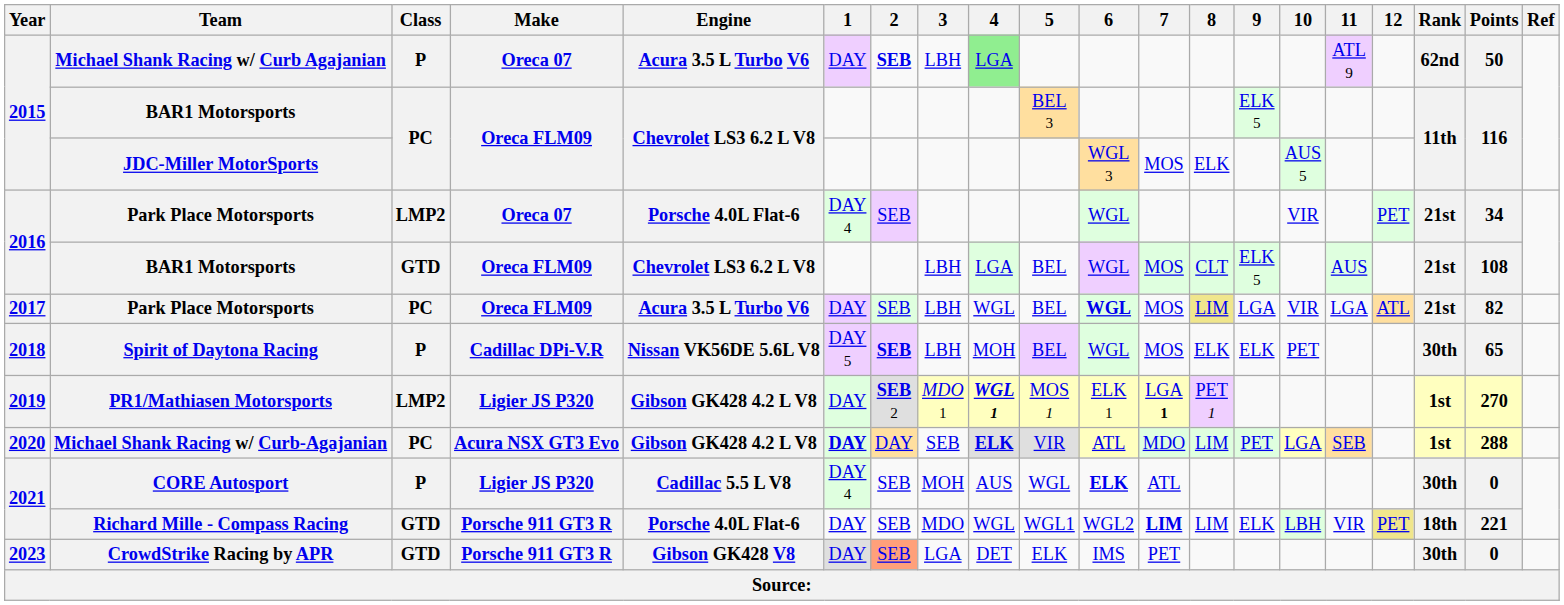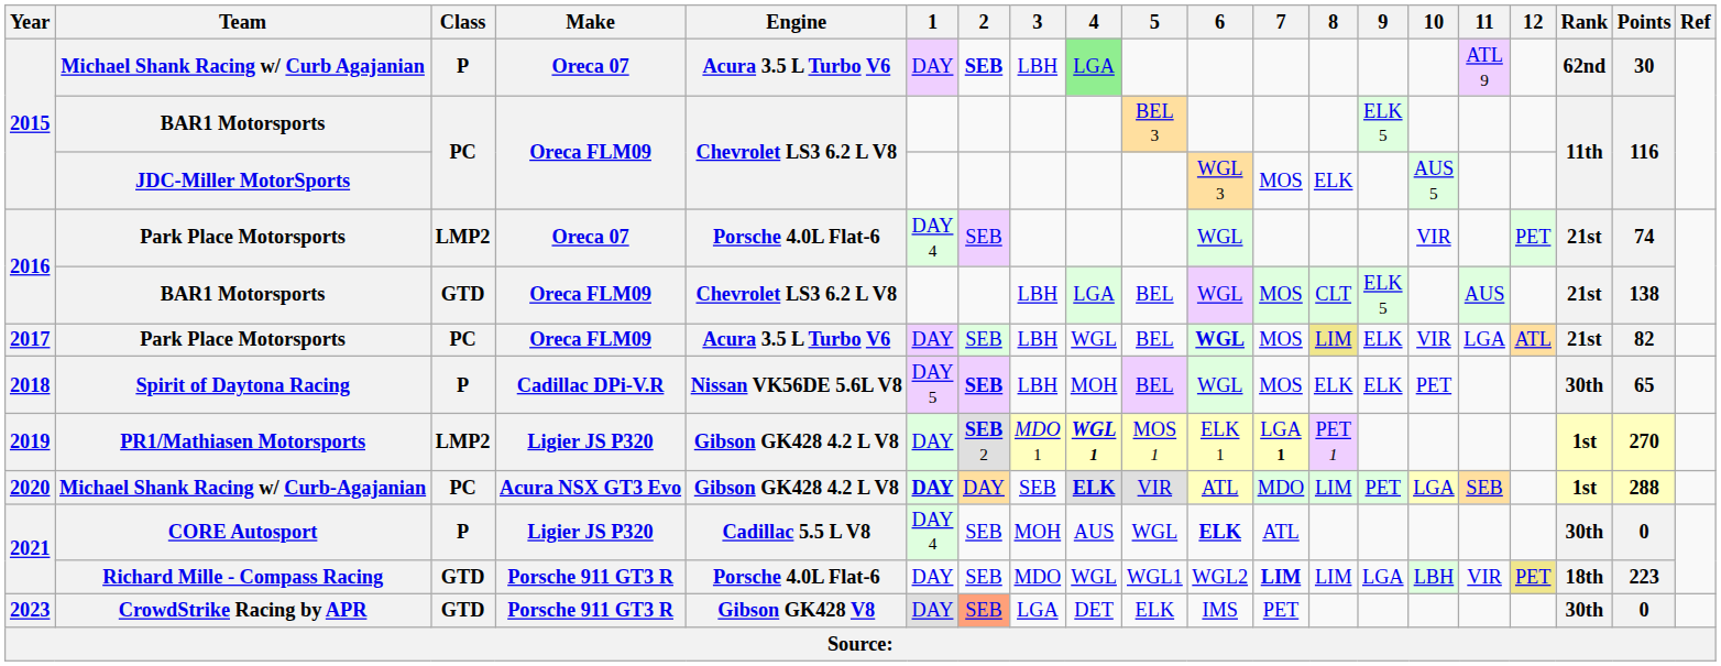 <table class="wikitable" style="text-align:center; font-size:90%">
 <tr>
 <th>Year</th>
 <th>Team</th>
 <th>Class</th>
 <th>Make</th>
 <th>Engine</th>
 <th>1</th>
 <th>2</th>
 <th>3</th>
 <th>4</th>
 <th>5</th>
 <th>6</th>
 <th>7</th>
 <th>8</th>
 <th>9</th>
 <th>10</th>
 <th>11</th>
 <th>12</th>
 <th>Rank</th>
 <th>Points</th>
 <th>Ref</th>
 </tr>
 <tr>
 <th rowspan=3><a href='#'>2015</a></th>
 <th><a href='#'>Michael Shank Racing</a> w/ <a href='#'>Curb Agajanian</a></th>
 <th>P</th>
 <th><a href='#'>Oreca 07</a></th>
 <th><a href='#'>Acura</a> 3.5 L <a href='#'>Turbo</a> <a href='#'>V6</a></th>
 <td style="background:#EFCFFF;"><a href='#'>DAY</a><br></td>
 <td><strong><a href='#'>SEB</a></strong></td>
 <td><a href='#'>LBH</a></td>
 <td style="background: lightgreen;"><a href='#'>LGA</a></td>
 <td></td>
 <td></td>
 <td></td>
 <td></td>
 <td></td>
 <td></td>
 <td style="background:#EFCFFF;"><a href='#'>ATL</a><br><small>9</small></td>
 <td></td>
 <th>62nd</th>
-<th>50</th>
+<th>30</th>
 <td rowspan="3"></td>
 </tr>
 <tr>
 <th>BAR1 Motorsports</th>
 <th rowspan=2>PC</th>
 <th rowspan=2><a href='#'>Oreca FLM09</a></th>
 <th rowspan=2><a href='#'>Chevrolet</a> LS3 6.2 L V8</th>
 <td></td>
 <td></td>
 <td></td>
 <td></td>
 <td style="background:#ffdf9f;"><a href='#'>BEL</a><br><small>3</small></td>
 <td></td>
 <td></td>
 <td></td>
 <td style="background:#DFFFDF;"><a href='#'>ELK</a><br><small>5</small></td>
 <td></td>
 <td></td>
 <td></td>
 <th rowspan=2>11th</th>
 <th rowspan=2>116</th>
 </tr>
 <tr>
 <th><a href='#'>JDC-Miller MotorSports</a></th>
 <td></td>
 <td></td>
 <td></td>
 <td></td>
 <td></td>
 <td style="background:#ffdf9f;"><a href='#'>WGL</a><br><small>3</small></td>
 <td><a href='#'>MOS</a></td>
 <td><a href='#'>ELK</a><br></td>
 <td></td>
 <td style="background:#DFFFDF;"><a href='#'>AUS</a><br><small>5</small></td>
 <td></td>
 <td></td>
 </tr>
 <tr>
 <th rowspan=2><a href='#'>2016</a></th>
 <th>Park Place Motorsports</th>
 <th>LMP2</th>
 <th><a href='#'>Oreca 07</a></th>
 <th><a href='#'>Porsche</a> 4.0L Flat-6</th>
 <td style="background:#DFFFDF;"><a href='#'>DAY</a><br><small>4</small></td>
 <td style="background:#EFCFFF;"><a href='#'>SEB</a><br></td>
 <td></td>
 <td></td>
 <td></td>
 <td style="background:#DFFFDF;"><a href='#'>WGL</a><br></td>
 <td></td>
 <td></td>
 <td></td>
 <td style="background:#;"><a href='#'>VIR</a></td>
 <td></td>
 <td style="background:#DFFFDF;"><a href='#'>PET</a><br></td>
 <th>21st</th>
-<th>34</th>
+<th>74</th>
 <td rowspan="2"></td>
 </tr>
 <tr>
 <th>BAR1 Motorsports</th>
 <th>GTD</th>
 <th><a href='#'>Oreca FLM09</a></th>
 <th><a href='#'>Chevrolet</a> LS3 6.2 L V8</th>
 <td></td>
 <td></td>
 <td><a href='#'>LBH</a></td>
 <td style="background:#DFFFDF;"><a href='#'>LGA</a><br></td>
 <td><a href='#'>BEL</a></td>
 <td style="background:#EFCFFF;"><a href='#'>WGL</a><br></td>
 <td style="background:#DFFFDF;"><a href='#'>MOS</a><br></td>
 <td style="background:#DFFFDF;"><a href='#'>CLT</a><br></td>
 <td style="background:#DFFFDF;"><a href='#'>ELK</a><br><small>5</small></td>
 <td></td>
 <td style="background:#DFFFDF;"><a href='#'>AUS</a><br></td>
 <td></td>
 <th>21st</th>
-<th>108</th>
+<th>138</th>
 </tr>
 <tr>
 <th><a href='#'>2017</a></th>
 <th>Park Place Motorsports</th>
 <th>PC</th>
 <th><a href='#'>Oreca FLM09</a></th>
 <th><a href='#'>Acura</a> 3.5 L <a href='#'>Turbo</a> <a href='#'>V6</a></th>
 <td style="background:#EFCFFF;"><a href='#'>DAY</a><br></td>
 <td style="background:#DFFFDF;"><a href='#'>SEB</a><br></td>
 <td><a href='#'>LBH</a></td>
 <td><a href='#'>WGL</a><br></td>
 <td><a href='#'>BEL</a></td>
 <td style="background:#DFFFDF;"><strong><a href='#'>WGL</a><br></strong></td>
 <td><a href='#'>MOS</a></td>
 <td style="background: khaki;"><a href='#'>LIM</a></td>
-<td><a href='#'>LGA</a><br></td>
+<td><a href='#'>ELK</a></td>
 <td><a href='#'>VIR</a></td>
 <td><a href='#'>LGA</a></td>
 <td style="background:#ffdf9f;"><a href='#'>ATL</a><br></td>
 <th>21st</th>
 <th>82</th>
 <td></td>
 </tr>
 <tr>
 <th><a href='#'>2018</a></th>
 <th><a href='#'>Spirit of Daytona Racing</a></th>
 <th rowspan=1>P</th>
 <th rowspan=1><a href='#'>Cadillac DPi-V.R</a></th>
 <th><a href='#'>Nissan</a> VK56DE 5.6L V8</th>
 <td style="background:#EFCFFF;"><a href='#'>DAY</a><br><small>5</small></td>
 <td style="background:#EFCFFF;"><strong><a href='#'>SEB</a></strong><br></td>
 <td><a href='#'>LBH</a></td>
 <td><a href='#'>MOH</a></td>
 <td style="background:#EFCFFF;"><a href='#'>BEL</a><br></td>
 <td style="background:#DFFFDF;"><a href='#'>WGL</a><br></td>
 <td><a href='#'>MOS</a></td>
 <td><a href='#'>ELK</a></td>
 <td><a href='#'>ELK</a></td>
 <td><a href='#'>PET</a></td>
 <td></td>
 <td></td>
 <th rowspan=1>30th</th>
 <th rowspan=1>65</th>
 <td></td>
 </tr>
 <tr>
 <th><a href='#'>2019</a></th>
 <th><a href='#'>PR1/Mathiasen Motorsports</a></th>
 <th>LMP2</th>
 <th><a href='#'>Ligier JS P320</a></th>
 <th><a href='#'>Gibson</a> GK428 4.2 L V8</th>
 <td style="background:#DFFFDF;"><a href='#'>DAY</a><br></td>
 <td style="background:#dfdfdf;"><strong><a href='#'>SEB</a></strong><br><small>2</small></td>
 <td style="background:#ffffbf;"><em><a href='#'>MDO</a></em><br><small>1</small></td>
 <td style="background:#ffffbf;"><strong><em><a href='#'>WGL</a><strong><br><small>1</small><em></td>
 <td style="background:#ffffbf;"></em><a href='#'>MOS</a><em><br><small>1</small></td>
 <td style="background:#ffffbf;"><a href='#'>ELK</a><br><small>1</small></td>
 <td style="background:#ffffbf;"></strong><a href='#'>LGA</a><strong><br><small>1</small></td>
 <td style="background:#EFCFFF;"></em><a href='#'>PET</a><em><br><small>1</small></td>
 <td></td>
 <td></td>
 <td></td>
 <td></td>
 <th style="background:#ffffbf;">1st</th>
 <th style="background:#ffffbf;">270</th>
 <td></td>
 </tr>
 <tr>
 <th><a href='#'>2020</a></th>
 <th><a href='#'>Michael Shank Racing</a> w/ <a href='#'>Curb-Agajanian</a></th>
 <th>PC</th>
 <th><a href='#'>Acura NSX GT3 Evo</a></th>
 <th><a href='#'>Gibson</a> GK428 4.2 L V8</th>
 <td style="background:#DFFFDF;"><strong><a href='#'>DAY</a><br></strong></td>
 <td style="background:#FFDF9F;"><a href='#'>DAY</a><br></td>
 <td><a href='#'>SEB</a></td>
 <td style="background:#DFDFDF;"><strong><a href='#'>ELK</a><br></strong></td>
 <td style="background:#DFDFDF;"><a href='#'>VIR</a><br></td>
 <td style="background:#FFFFBF;"><a href='#'>ATL</a><br></td>
 <td style="background:#DFFFDF;"><a href='#'>MDO</a><br></td>
 <td style="background:#DFFFDF;"><a href='#'>LIM</a><br></td>
 <td style="background:#DFFFDF;"></strong><a href='#'>PET</a><strong><br></td>
 <td style="background:#FFFFBF;"></strong><a href='#'>LGA</a><strong><br></td>
 <td style="background:#FFDF9F;"><a href='#'>SEB</a><br></td>
 <td></td>
 <th style="background:#FFFFBF;">1st</th>
 <th style="background:#FFFFBF;">288</th>
 <td></td>
 </tr>
 <tr>
 <th rowspan=2><a href='#'>2021</a></th>
 <th><a href='#'>CORE Autosport</a></th>
 <th rowspan=1>P</th>
 <th><a href='#'>Ligier JS P320</a></th>
 <th rowspan=1><a href='#'>Cadillac</a> 5.5 L V8</th>
 <td style="background:#DFFFDF;"><a href='#'>DAY</a><br><small>4</small></td>
 <td><a href='#'>SEB</a><br></td>
 <td><a href='#'>MOH</a><br></td>
 <td><a href='#'>AUS</a></td>
 <td><a href='#'>WGL</a><br></td>
 <td><strong><a href='#'>ELK</a><br></strong></td>
 <td><a href='#'>ATL</a><br></td>
 <td></td>
 <td></td>
 <td></td>
 <td></td>
 <td></td>
 <th rowspan=1>30th</th>
 <th>0</th>
 <td rowspan="2"></td>
 </tr>
 <tr>
 <th><a href='#'>Richard Mille - Compass Racing</a></th>
 <th>GTD</th>
 <th><a href='#'>Porsche 911 GT3 R</a></th>
 <th><a href='#'>Porsche</a> 4.0L Flat-6</th>
 <td><a href='#'>DAY</a><br></td>
 <td><a href='#'>SEB</a></td>
 <td><a href='#'>MDO</a><br></td>
 <td><a href='#'>WGL</a></td>
 <td><a href='#'>WGL1</a></td>
 <td><a href='#'>WGL2</a><br></td>
 <td><strong><a href='#'>LIM</a><br></strong></td>
 <td><a href='#'>LIM</a></td>
-<td><a href='#'>ELK</a></td>
+<td><a href='#'>LGA</a><br></td>
 <td style="background:#DFFFDF;"><a href='#'>LBH</a><br></td>
 <td><a href='#'>VIR</a><br></td>
 <td style="background: khaki;"><a href='#'>PET</a></td>
 <th>18th</th>
-<th>221</th>
+<th>223</th>
 </tr>
 <tr>
 <th><a href='#'>2023</a></th>
 <th><a href='#'>CrowdStrike</a> Racing by <a href='#'>APR</a></th>
 <th>GTD</th>
 <th><a href='#'>Porsche 911 GT3 R</a></th>
 <th><a href='#'>Gibson</a> GK428 <a href='#'>V8</a></th>
 <td style="background:#DFDFDF;"><a href='#'>DAY</a><br></td>
 <td style="background: lightsalmon;"><a href='#'>SEB</a></td>
 <td><a href='#'>LGA</a></td>
 <td><a href='#'>DET</a><br></td>
 <td><a href='#'>ELK</a></td>
 <td><a href='#'>IMS</a></td>
 <td><a href='#'>PET</a></td>
 <td></td>
 <td></td>
 <td></td>
 <td></td>
 <td></td>
 <th rowspan=1>30th</th>
 <th>0</th>
 <td></td>
 </tr>
 <tr>
 <th colspan="20">Source:</th>
 </tr>
 </table>
